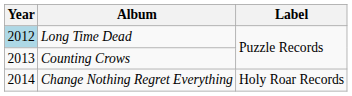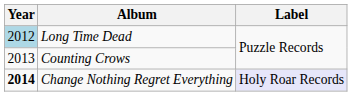 <table class=wikitable>
 <tr>
 <th>Year</th>
 <th>Album</th>
 <th>Label</th>
 </tr>
 <tr>
 <td style="background: lightblue;">2012</td>
 <td><em>Long Time Dead</em></td>
 <td rowspan=2>Puzzle Records</td>
 </tr>
 <tr>
 <td>2013</td>
 <td><em>Counting Crows</em></td>
 </tr>
 <tr>
-<td>2014</td>
+<td><strong>2014</strong></td>
 <td><em>Change Nothing Regret Everything</em></td>
-<td>Holy Roar Records</td>
+<td style="background: lavender;">Holy Roar Records</td>
 </tr>
 </table>
